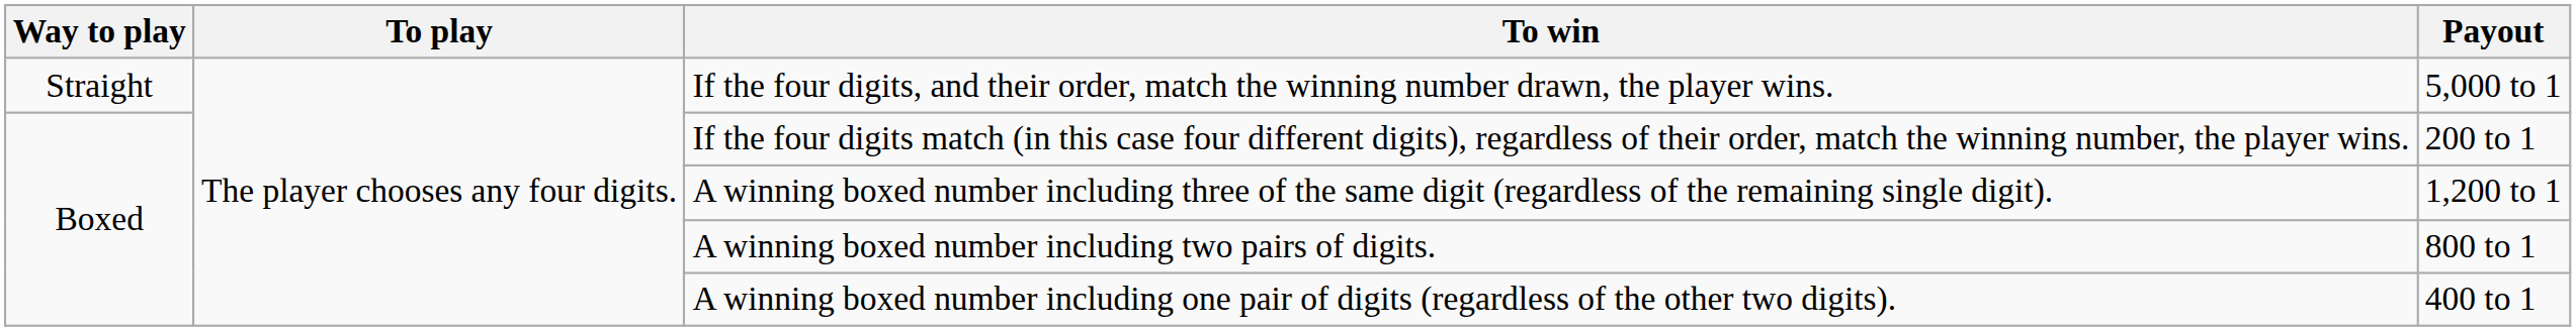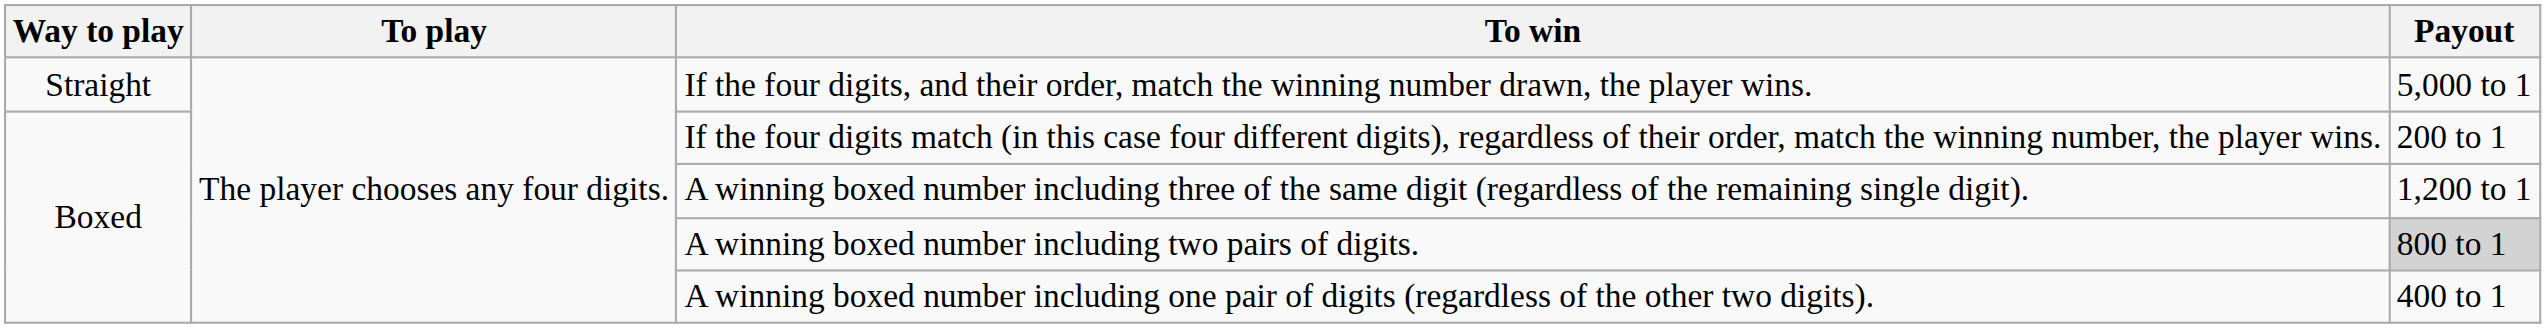 <table class="wikitable">
 <tr>
 <th>Way to play</th>
 <th>To play</th>
 <th>To win</th>
 <th>Payout</th>
 </tr>
 <tr>
 <td align="center">Straight</td>
 <td rowspan="5">The player chooses any four digits.</td>
 <td>If the four digits, and their order, match the winning number drawn, the player wins.</td>
 <td>5,000 to 1</td>
 </tr>
 <tr>
 <td align="center" rowspan="4">Boxed</td>
 <td>If the four digits match (in this case four different digits), regardless of their order, match the winning number, the player wins.</td>
 <td>200 to 1</td>
 </tr>
 <tr>
 <td>A winning boxed number including three of the same digit (regardless of the remaining single digit).</td>
 <td>1,200 to 1</td>
 </tr>
 <tr>
 <td>A winning boxed number including two pairs of digits.</td>
-<td>800 to 1</td>
+<td style="background: lightgrey;">800 to 1</td>
 </tr>
 <tr>
 <td>A winning boxed number including one pair of digits (regardless of the other two digits).</td>
 <td>400 to 1</td>
 </tr>
 </table>
